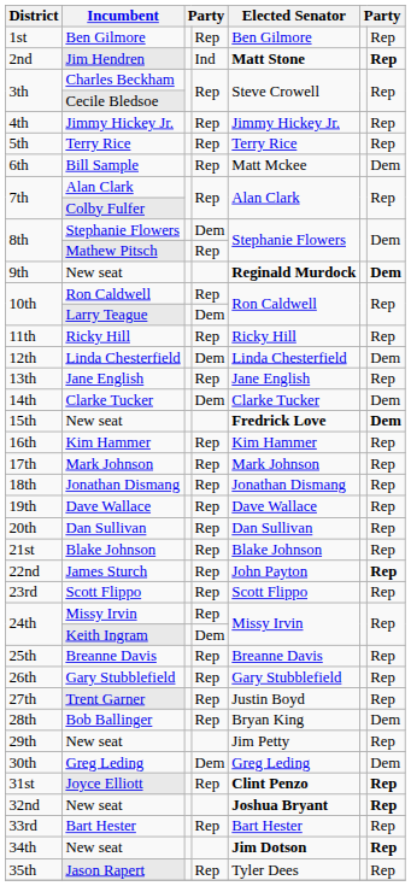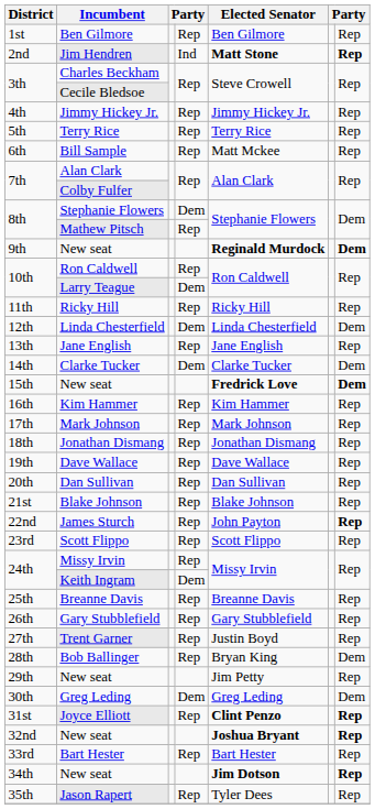 <table class="sortable wikitable" style="font-size:95%;line-height:14px;">
 <tr>
 <th class="unsortable">District</th>
 <th class="unsortable"><a href='#'>Incumbent</a></th>
 <th colspan="2">Party</th>
 <th class="unsortable">Elected Senator</th>
 <th colspan="2">Party</th>
 </tr>
 <tr>
 <td>1st</td>
 <td><a href='#'>Ben Gilmore</a></td>
 <td style="background:"></td>
 <td>Rep</td>
 <td><a href='#'>Ben Gilmore</a></td>
 <td style="background:"></td>
 <td>Rep</td>
 </tr>
 <tr>
 <td>2nd</td>
 <td style="background:#E9E9E9;"><a href='#'>Jim Hendren</a></td>
 <td style="background:"></td>
 <td>Ind</td>
 <td><strong>Matt Stone</strong></td>
 <td style="background:"></td>
 <td><strong>Rep</strong></td>
 </tr>
 <tr>
 <td rowspan=2>3th</td>
 <td><a href='#'>Charles Beckham</a></td>
 <td rowspan=2 style="background:"></td>
 <td rowspan=2>Rep</td>
 <td rowspan=2>Steve Crowell</td>
 <td rowspan=2 style="background:"></td>
 <td rowspan=2>Rep</td>
 </tr>
 <tr>
 <td style="background:#E9E9E9;">Cecile Bledsoe</td>
 </tr>
 <tr>
 <td>4th</td>
 <td><a href='#'>Jimmy Hickey Jr.</a></td>
 <td style="background:"></td>
 <td>Rep</td>
 <td><a href='#'>Jimmy Hickey Jr.</a></td>
 <td style="background:"></td>
 <td>Rep</td>
 </tr>
 <tr>
 <td>5th</td>
 <td><a href='#'>Terry Rice</a></td>
 <td style="background:"></td>
 <td>Rep</td>
 <td><a href='#'>Terry Rice</a></td>
 <td style="background:"></td>
 <td>Rep</td>
 </tr>
 <tr>
 <td>6th</td>
 <td><a href='#'>Bill Sample</a></td>
 <td style="background:"></td>
 <td>Rep</td>
 <td>Matt Mckee</td>
 <td style="background:"></td>
-<td>Dem</td>
+<td>Rep</td>
 </tr>
 <tr>
 <td rowspan=2>7th</td>
 <td><a href='#'>Alan Clark</a></td>
 <td rowspan=2 style="background:"></td>
 <td rowspan=2>Rep</td>
 <td rowspan=2><a href='#'>Alan Clark</a></td>
 <td rowspan=2 style="background:"></td>
 <td rowspan=2>Rep</td>
 </tr>
 <tr>
 <td style="background:#E9E9E9;"><a href='#'>Colby Fulfer</a></td>
 </tr>
 <tr>
 <td rowspan=2>8th</td>
 <td><a href='#'>Stephanie Flowers</a></td>
 <td style="background:"></td>
 <td>Dem</td>
 <td rowspan=2><a href='#'>Stephanie Flowers</a></td>
 <td rowspan=2 style="background:"></td>
 <td rowspan=2>Dem</td>
 </tr>
 <tr>
 <td style="background:#E9E9E9;"><a href='#'>Mathew Pitsch</a></td>
 <td style="background:"></td>
 <td>Rep</td>
 </tr>
 <tr>
 <td>9th</td>
 <td>New seat</td>
 <td></td>
 <td></td>
 <td><strong>Reginald Murdock</strong></td>
 <td style="background:"></td>
 <td><strong>Dem</strong></td>
 </tr>
 <tr>
 <td rowspan=2>10th</td>
 <td><a href='#'>Ron Caldwell</a></td>
 <td style="background:"></td>
 <td>Rep</td>
 <td rowspan=2><a href='#'>Ron Caldwell</a></td>
 <td rowspan=2 style="background:"></td>
 <td rowspan=2>Rep</td>
 </tr>
 <tr>
 <td style="background:#E9E9E9;"><a href='#'>Larry Teague</a></td>
 <td style="background:"></td>
 <td>Dem</td>
 </tr>
 <tr>
 <td>11th</td>
 <td><a href='#'>Ricky Hill</a></td>
 <td style="background:"></td>
 <td>Rep</td>
 <td><a href='#'>Ricky Hill</a></td>
 <td style="background:"></td>
 <td>Rep</td>
 </tr>
 <tr>
 <td>12th</td>
 <td><a href='#'>Linda Chesterfield</a></td>
 <td style="background:"></td>
 <td>Dem</td>
 <td><a href='#'>Linda Chesterfield</a></td>
 <td style="background:"></td>
 <td>Dem</td>
 </tr>
 <tr>
 <td>13th</td>
 <td><a href='#'>Jane English</a></td>
 <td style="background:"></td>
 <td>Rep</td>
 <td><a href='#'>Jane English</a></td>
 <td style="background:"></td>
 <td>Rep</td>
 </tr>
 <tr>
 <td>14th</td>
 <td><a href='#'>Clarke Tucker</a></td>
 <td style="background:"></td>
 <td>Dem</td>
 <td><a href='#'>Clarke Tucker</a></td>
 <td style="background:"></td>
 <td>Dem</td>
 </tr>
 <tr>
 <td>15th</td>
 <td>New seat</td>
 <td></td>
 <td></td>
 <td><strong>Fredrick Love</strong></td>
 <td style="background:"></td>
 <td><strong>Dem</strong></td>
 </tr>
 <tr>
 <td>16th</td>
 <td><a href='#'>Kim Hammer</a></td>
 <td style="background:"></td>
 <td>Rep</td>
 <td><a href='#'>Kim Hammer</a></td>
 <td style="background:"></td>
 <td>Rep</td>
 </tr>
 <tr>
 <td>17th</td>
 <td><a href='#'>Mark Johnson</a></td>
 <td style="background:"></td>
 <td>Rep</td>
 <td><a href='#'>Mark Johnson</a></td>
 <td style="background:"></td>
 <td>Rep</td>
 </tr>
 <tr>
 <td>18th</td>
 <td><a href='#'>Jonathan Dismang</a></td>
 <td style="background:"></td>
 <td>Rep</td>
 <td><a href='#'>Jonathan Dismang</a></td>
 <td style="background:"></td>
 <td>Rep</td>
 </tr>
 <tr>
 <td>19th</td>
 <td><a href='#'>Dave Wallace</a></td>
 <td style="background:"></td>
 <td>Rep</td>
 <td><a href='#'>Dave Wallace</a></td>
 <td style="background:"></td>
 <td>Rep</td>
 </tr>
 <tr>
 <td>20th</td>
 <td><a href='#'>Dan Sullivan</a></td>
 <td style="background:"></td>
 <td>Rep</td>
 <td><a href='#'>Dan Sullivan</a></td>
 <td style="background:"></td>
 <td>Rep</td>
 </tr>
 <tr>
 <td>21st</td>
 <td><a href='#'>Blake Johnson</a></td>
 <td style="background:"></td>
 <td>Rep</td>
 <td><a href='#'>Blake Johnson</a></td>
 <td style="background:"></td>
 <td>Rep</td>
 </tr>
 <tr>
 <td>22nd</td>
 <td><a href='#'>James Sturch</a></td>
 <td style="background:"></td>
 <td>Rep</td>
 <td><a href='#'>John Payton</a></td>
 <td style="background:"></td>
 <td><strong>Rep</strong></td>
 </tr>
 <tr>
 <td>23rd</td>
 <td><a href='#'>Scott Flippo</a></td>
 <td style="background:"></td>
 <td>Rep</td>
 <td><a href='#'>Scott Flippo</a></td>
 <td style="background:"></td>
 <td>Rep</td>
 </tr>
 <tr>
 <td rowspan=2>24th</td>
 <td><a href='#'>Missy Irvin</a></td>
 <td style="background:"></td>
 <td>Rep</td>
 <td rowspan=2><a href='#'>Missy Irvin</a></td>
 <td rowspan=2 style="background:"></td>
 <td rowspan=2>Rep</td>
 </tr>
 <tr>
 <td style="background:#E9E9E9;"><a href='#'>Keith Ingram</a></td>
 <td style="background:"></td>
 <td>Dem</td>
 </tr>
 <tr>
 <td>25th</td>
 <td><a href='#'>Breanne Davis</a></td>
 <td style="background:"></td>
 <td>Rep</td>
 <td><a href='#'>Breanne Davis</a></td>
 <td style="background:"></td>
 <td>Rep</td>
 </tr>
 <tr>
 <td>26th</td>
 <td><a href='#'>Gary Stubblefield</a></td>
 <td style="background:"></td>
 <td>Rep</td>
 <td><a href='#'>Gary Stubblefield</a></td>
 <td style="background:"></td>
 <td>Rep</td>
 </tr>
 <tr>
 <td>27th</td>
 <td style="background:#E9E9E9;"><a href='#'>Trent Garner</a></td>
 <td style="background:"></td>
 <td>Rep</td>
 <td>Justin Boyd</td>
 <td style="background:"></td>
 <td>Rep</td>
 </tr>
 <tr>
 <td>28th</td>
 <td><a href='#'>Bob Ballinger</a></td>
 <td style="background:"></td>
 <td>Rep</td>
 <td>Bryan King</td>
 <td style="background:"></td>
 <td>Dem</td>
 </tr>
 <tr>
 <td>29th</td>
 <td>New seat</td>
 <td></td>
 <td></td>
 <td>Jim Petty</td>
 <td style="background:"></td>
 <td>Rep</td>
 </tr>
 <tr>
 <td>30th</td>
 <td><a href='#'>Greg Leding</a></td>
 <td style="background:"></td>
 <td>Dem</td>
 <td><a href='#'>Greg Leding</a></td>
 <td style="background:"></td>
 <td>Dem</td>
 </tr>
 <tr>
 <td>31st</td>
 <td style="background:#E9E9E9;"><a href='#'>Joyce Elliott</a></td>
 <td style="background:"></td>
 <td>Rep</td>
 <td><strong>Clint Penzo</strong></td>
 <td style="background:"></td>
 <td><strong>Rep</strong></td>
 </tr>
 <tr>
 <td>32nd</td>
 <td>New seat</td>
 <td></td>
 <td></td>
 <td><strong>Joshua Bryant</strong></td>
 <td style="background:"></td>
 <td><strong>Rep</strong></td>
 </tr>
 <tr>
 <td>33rd</td>
 <td><a href='#'>Bart Hester</a></td>
 <td style="background:"></td>
 <td>Rep</td>
 <td><a href='#'>Bart Hester</a></td>
 <td style="background:"></td>
 <td>Rep</td>
 </tr>
 <tr>
 <td>34th</td>
 <td>New seat</td>
 <td></td>
 <td></td>
 <td><strong>Jim Dotson</strong></td>
 <td style="background:"></td>
 <td><strong>Rep  </strong></td>
 </tr>
 <tr>
 <td>35th</td>
 <td style="background:#E9E9E9;"><a href='#'>Jason Rapert</a></td>
 <td style="background:"></td>
 <td>Rep</td>
 <td>Tyler Dees</td>
 <td style="background:"></td>
 <td>Rep</td>
 </tr>
 <tr>
 </tr>
 </table>
